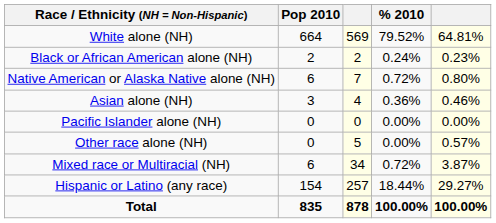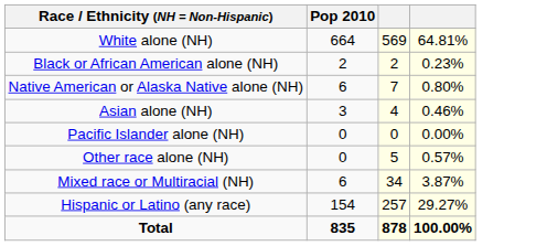 <table class="wikitable" style="text-align:center;">
 <tr>
 <th>Race / Ethnicity <small>(<em>NH = Non-Hispanic</em>)</small></th>
 <th>Pop 2010</th>
 <th></th>
-<th>% 2010</th>
 <th></th>
 </tr>
 <tr>
 <td><a href='#'>White</a> alone (NH)</td>
 <td>664</td>
 <td style='background: #ffffe6;'>569</td>
-<td>79.52%</td>
 <td style='background: #ffffe6;'>64.81%</td>
 </tr>
 <tr>
 <td><a href='#'>Black or African American</a> alone (NH)</td>
 <td>2</td>
 <td style='background: #ffffe6;'>2</td>
-<td>0.24%</td>
 <td style='background: #ffffe6;'>0.23%</td>
 </tr>
 <tr>
 <td><a href='#'>Native American</a> or <a href='#'>Alaska Native</a> alone (NH)</td>
 <td>6</td>
 <td style='background: #ffffe6;'>7</td>
-<td>0.72%</td>
 <td style='background: #ffffe6;'>0.80%</td>
 </tr>
 <tr>
 <td><a href='#'>Asian</a> alone (NH)</td>
 <td>3</td>
 <td style='background: #ffffe6;'>4</td>
-<td>0.36%</td>
 <td style='background: #ffffe6;'>0.46%</td>
 </tr>
 <tr>
 <td><a href='#'>Pacific Islander</a> alone (NH)</td>
 <td>0</td>
 <td style='background: #ffffe6;'>0</td>
-<td>0.00%</td>
 <td style='background: #ffffe6;'>0.00%</td>
 </tr>
 <tr>
 <td><a href='#'>Other race</a> alone (NH)</td>
 <td>0</td>
 <td style='background: #ffffe6;'>5</td>
-<td>0.00%</td>
 <td style='background: #ffffe6;'>0.57%</td>
 </tr>
 <tr>
 <td><a href='#'>Mixed race or Multiracial</a> (NH)</td>
 <td>6</td>
 <td style='background: #ffffe6;'>34</td>
-<td>0.72%</td>
 <td style='background: #ffffe6;'>3.87%</td>
 </tr>
 <tr>
 <td><a href='#'>Hispanic or Latino</a> (any race)</td>
 <td>154</td>
 <td style='background: #ffffe6;'>257</td>
-<td>18.44%</td>
 <td style='background: #ffffe6;'>29.27%</td>
 </tr>
 <tr>
 <td><strong>Total</strong></td>
 <td><strong>835</strong></td>
 <td style='background: #ffffe6;'><strong>878</strong></td>
-<td><strong>100.00%</strong></td>
 <td style='background: #ffffe6;'><strong>100.00%</strong></td>
 </tr>
 </table>
